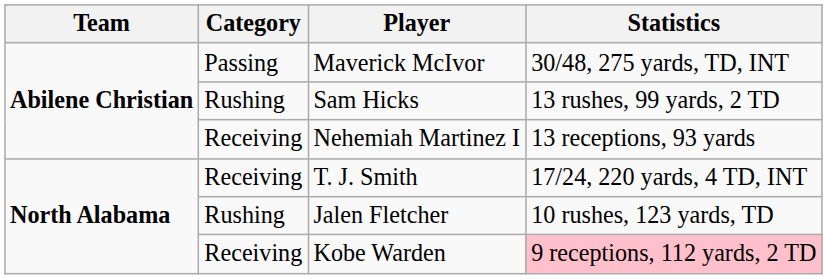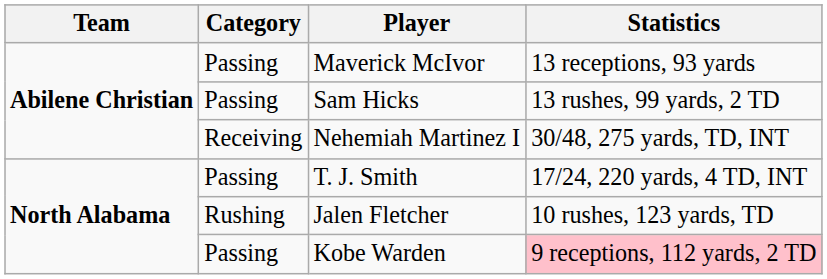 <table class="wikitable" style="float: right;">
 <tr>
 <th>Team</th>
 <th>Category</th>
 <th>Player</th>
 <th>Statistics</th>
 </tr>
 <tr>
 <td rowspan=3><strong>Abilene Christian</strong></td>
 <td>Passing</td>
 <td>Maverick McIvor</td>
-<td>30/48, 275 yards, TD, INT</td>
+<td>13 receptions, 93 yards</td>
 </tr>
 <tr>
-<td>Rushing</td>
+<td>Passing</td>
 <td>Sam Hicks</td>
 <td>13 rushes, 99 yards, 2 TD</td>
 </tr>
 <tr>
 <td>Receiving</td>
 <td>Nehemiah Martinez I</td>
-<td>13 receptions, 93 yards</td>
+<td>30/48, 275 yards, TD, INT</td>
 </tr>
 <tr>
 <td rowspan=3><strong>North Alabama</strong></td>
-<td>Receiving</td>
+<td>Passing</td>
 <td>T. J. Smith</td>
 <td>17/24, 220 yards, 4 TD, INT</td>
 </tr>
 <tr>
 <td>Rushing</td>
 <td>Jalen Fletcher</td>
 <td>10 rushes, 123 yards, TD</td>
 </tr>
 <tr>
-<td>Receiving</td>
+<td>Passing</td>
 <td>Kobe Warden</td>
 <td style="background: pink;">9 receptions, 112 yards, 2 TD</td>
 </tr>
 </table>
